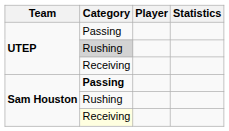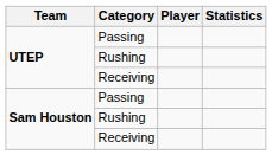 <table class="wikitable" style="float: right;">
 <tr>
 <th>Team</th>
 <th>Category</th>
 <th>Player</th>
 <th>Statistics</th>
 </tr>
 <tr>
 <td rowspan=3><strong>UTEP</strong></td>
 <td>Passing</td>
 <td></td>
 <td></td>
 </tr>
 <tr>
-<td style="background: lightgrey;">Rushing</td>
+<td>Rushing</td>
 <td></td>
 <td></td>
 </tr>
 <tr>
 <td>Receiving</td>
 <td></td>
 <td></td>
 </tr>
 <tr>
 <td rowspan=3><strong>Sam Houston</strong></td>
-<td><strong>Passing</strong></td>
+<td>Passing</td>
 <td></td>
 <td></td>
 </tr>
 <tr>
 <td>Rushing</td>
 <td></td>
 <td></td>
 </tr>
 <tr>
-<td style="background: lightyellow;">Receiving</td>
+<td>Receiving</td>
 <td></td>
 <td></td>
 </tr>
 </table>
